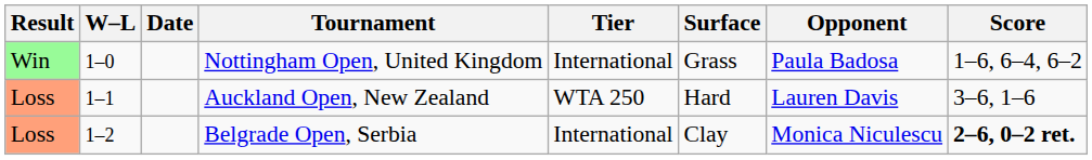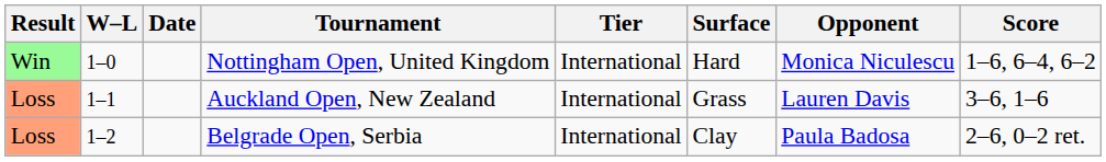 <table class="sortable wikitable">
 <tr>
 <th>Result</th>
 <th class="unsortable">W–L</th>
 <th>Date</th>
 <th>Tournament</th>
 <th>Tier</th>
 <th>Surface</th>
 <th>Opponent</th>
 <th class="unsortable">Score</th>
 </tr>
 <tr>
 <td style="background:#98fb98;">Win</td>
 <td><small>1–0</small></td>
 <td><a href='#'></a></td>
 <td><a href='#'>Nottingham Open</a>, United Kingdom</td>
 <td>International</td>
-<td>Grass</td>
-<td> <a href='#'>Paula Badosa</a></td>
+<td>Hard</td>
+<td> <a href='#'>Monica Niculescu</a></td>
 <td>1–6, 6–4, 6–2</td>
 </tr>
 <tr>
 <td style="background:#ffa07a">Loss</td>
 <td><small>1–1</small></td>
 <td><a href='#'></a></td>
 <td><a href='#'>Auckland Open</a>, New Zealand</td>
-<td>WTA 250</td>
-<td>Hard</td>
+<td>International</td>
+<td>Grass</td>
 <td> <a href='#'>Lauren Davis</a></td>
 <td>3–6, 1–6</td>
 </tr>
 <tr>
 <td bgcolor=FFA07A>Loss</td>
 <td><small>1–2</small></td>
 <td><a href='#'></a></td>
 <td><a href='#'>Belgrade Open</a>, Serbia</td>
 <td>International</td>
 <td>Clay</td>
-<td> <a href='#'>Monica Niculescu</a></td>
-<td><strong>2–6, 0–2 ret.</strong></td>
+<td> <a href='#'>Paula Badosa</a></td>
+<td>2–6, 0–2 ret.</td>
 </tr>
 </table>
